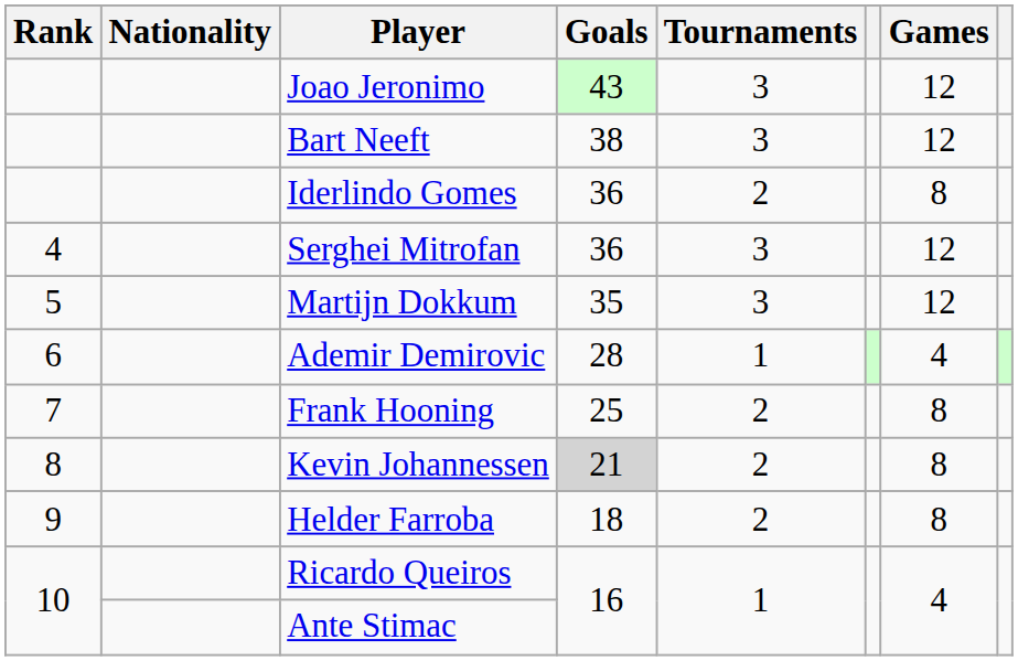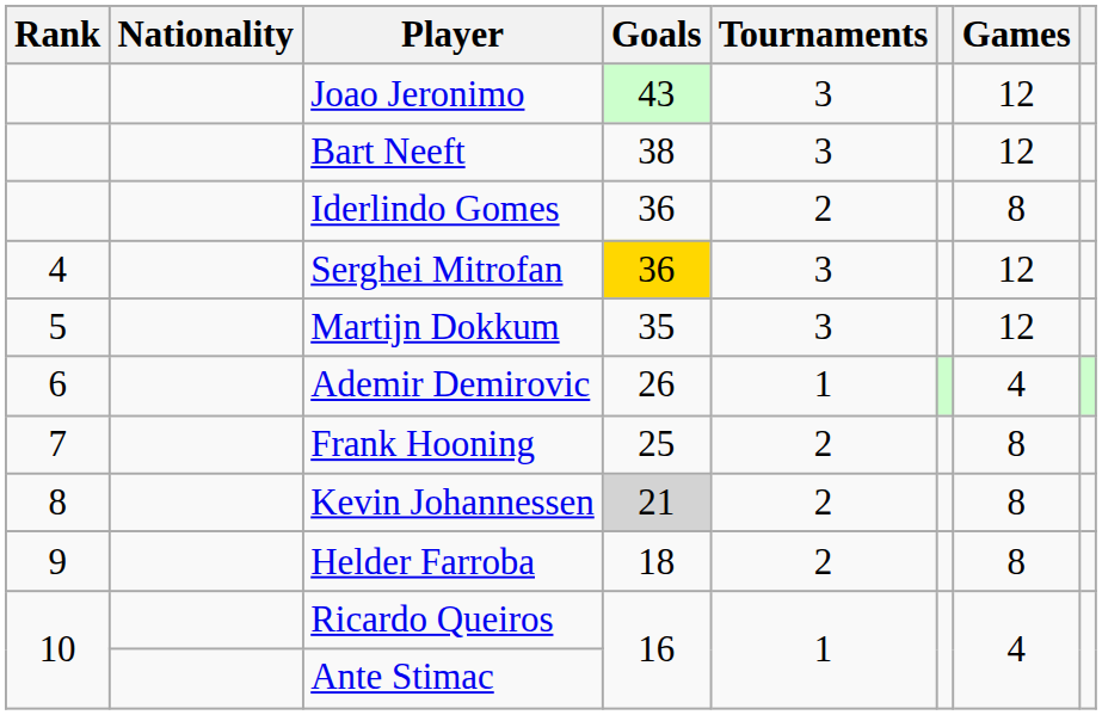 <table class="wikitable sortable" style="text-align:center">
 <tr>
 <th>Rank</th>
 <th>Nationality</th>
 <th>Player</th>
 <th>Goals</th>
 <th>Tournaments</th>
 <th></th>
 <th>Games</th>
 <th></th>
 </tr>
 <tr>
 <td></td>
 <td align="left"></td>
 <td align="left"><a href='#'>Joao Jeronimo</a></td>
 <td bgcolor=#ccffcc>43</td>
 <td>3</td>
 <td></td>
 <td>12</td>
 <td></td>
 </tr>
 <tr>
 <td></td>
 <td align="left"></td>
 <td align="left"><a href='#'>Bart Neeft</a></td>
 <td>38</td>
 <td>3</td>
 <td></td>
 <td>12</td>
 <td></td>
 </tr>
 <tr>
 <td></td>
 <td align="left"></td>
 <td align="left"><a href='#'>Iderlindo Gomes</a></td>
 <td>36</td>
 <td>2</td>
 <td></td>
 <td>8</td>
 <td></td>
 </tr>
 <tr>
 <td>4</td>
 <td align="left"></td>
 <td align="left"><a href='#'>Serghei Mitrofan</a></td>
-<td>36</td>
+<td style="background: gold;">36</td>
 <td>3</td>
 <td></td>
 <td>12</td>
 <td></td>
 </tr>
 <tr>
 <td>5</td>
 <td align="left"></td>
 <td align="left"><a href='#'>Martijn Dokkum</a></td>
 <td>35</td>
 <td>3</td>
 <td></td>
 <td>12</td>
 <td></td>
 </tr>
 <tr>
 <td>6</td>
 <td align="left"></td>
 <td align="left"><a href='#'>Ademir Demirovic</a></td>
-<td>28</td>
+<td>26</td>
 <td>1</td>
 <td bgcolor=#ccffcc></td>
 <td>4</td>
 <td bgcolor=#ccffcc></td>
 </tr>
 <tr>
 <td>7</td>
 <td align="left"></td>
 <td align="left"><a href='#'>Frank Hooning</a></td>
 <td>25</td>
 <td>2</td>
 <td></td>
 <td>8</td>
 <td></td>
 </tr>
 <tr>
 <td>8</td>
 <td align="left"></td>
 <td align="left"><a href='#'>Kevin Johannessen</a></td>
 <td style="background: lightgrey;">21</td>
 <td>2</td>
 <td></td>
 <td>8</td>
 <td></td>
 </tr>
 <tr>
 <td>9</td>
 <td align="left"></td>
 <td align="left"><a href='#'>Helder Farroba</a></td>
 <td>18</td>
 <td>2</td>
 <td></td>
 <td>8</td>
 <td></td>
 </tr>
 <tr>
 <td rowspan=2>10</td>
 <td align="left"></td>
 <td align="left"><a href='#'>Ricardo Queiros</a></td>
 <td rowspan=2>16</td>
 <td rowspan=2>1</td>
 <td rowspan=2></td>
 <td rowspan=2>4</td>
 <td rowspan=2></td>
 </tr>
 <tr>
 <td align="left"></td>
 <td align="left"><a href='#'>Ante Stimac</a></td>
 </tr>
 </table>
